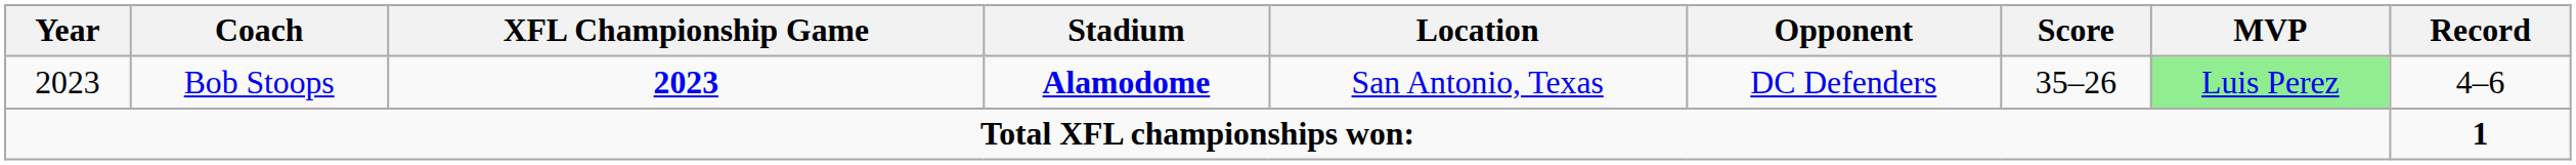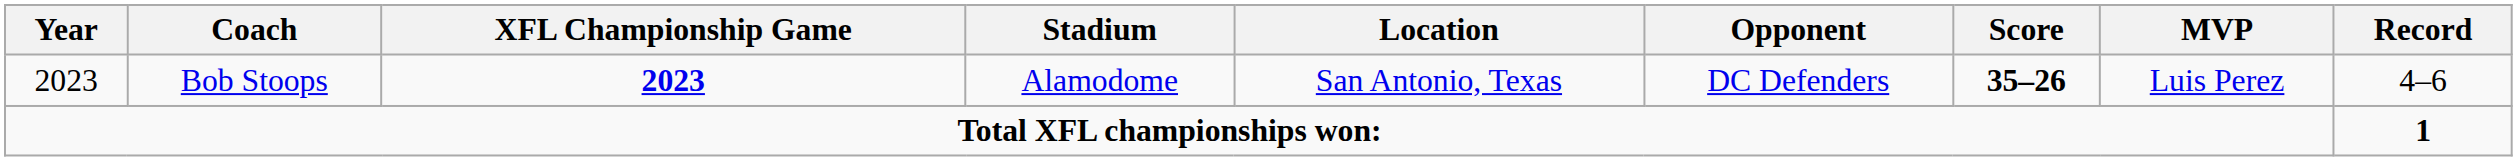 <table class="wikitable" style="width:80%;text-align:center">
 <tr>
 <th>Year</th>
 <th>Coach</th>
 <th>XFL Championship Game</th>
 <th>Stadium</th>
 <th>Location</th>
 <th>Opponent</th>
 <th>Score</th>
 <th>MVP</th>
 <th>Record</th>
 </tr>
 <tr>
 <td>2023</td>
 <td><a href='#'>Bob Stoops</a></td>
 <td><strong><a href='#'>2023</a></strong></td>
-<td><strong><a href='#'>Alamodome</a></strong></td>
+<td><a href='#'>Alamodome</a></td>
 <td><a href='#'>San Antonio, Texas</a></td>
 <td><a href='#'>DC Defenders</a></td>
-<td>35–26</td>
-<td style="background: lightgreen;"><a href='#'>Luis Perez</a></td>
+<td><strong>35–26</strong></td>
+<td><a href='#'>Luis Perez</a></td>
 <td>4–6</td>
 </tr>
 <tr style="text-align:center;">
 <td colspan="8"><strong>Total XFL championships won:</strong></td>
 <td><strong>1</strong></td>
 </tr>
 </table>
